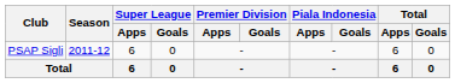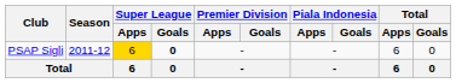 <table class="wikitable" style="font-size:90%; text-align:center;">
 <tr>
 <th rowspan="2">Club</th>
 <th rowspan="2">Season</th>
 <th colspan="2"><a href='#'>Super League</a></th>
 <th colspan="2"><a href='#'>Premier Division</a></th>
 <th colspan="2"><a href='#'>Piala Indonesia</a></th>
 <th colspan="2">Total</th>
 </tr>
 <tr>
 <th>Apps</th>
 <th>Goals</th>
 <th>Apps</th>
 <th>Goals</th>
 <th>Apps</th>
 <th>Goals</th>
 <th>Apps</th>
 <th>Goals</th>
 </tr>
 <tr>
 <td rowspan="1"><a href='#'>PSAP Sigli</a></td>
 <td><a href='#'>2011-12</a></td>
-<td>6</td>
-<td>0</td>
+<td style="background: gold;">6</td>
+<td><strong>0</strong></td>
 <td colspan="2">-</td>
 <td colspan="2">-</td>
 <td>6</td>
 <td>0</td>
 </tr>
 <tr>
 <th colspan="2">Total</th>
 <th>6</th>
 <th>0</th>
 <th colspan="2">-</th>
 <th colspan="2">-</th>
 <th>6</th>
 <th>0</th>
 </tr>
 </table>
